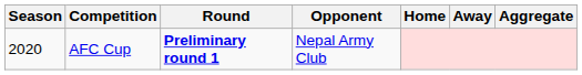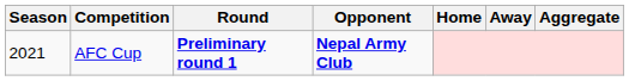 <table class="wikitable">
 <tr>
 <th>Season</th>
 <th>Competition</th>
 <th>Round</th>
 <th>Opponent</th>
 <th>Home</th>
 <th>Away</th>
 <th>Aggregate</th>
 </tr>
 <tr>
-<td rowspan="1">2020</td>
+<td rowspan="1">2021</td>
 <td rowspan="1"><a href='#'>AFC Cup</a></td>
 <td rowspan="1"><strong><a href='#'>Preliminary round 1</a></strong></td>
-<td> <a href='#'>Nepal Army Club</a></td>
+<td><strong> <a href='#'>Nepal Army Club</a></strong></td>
 <td colspan="3" style="background:#fdd;"></td>
 </tr>
 </table>
